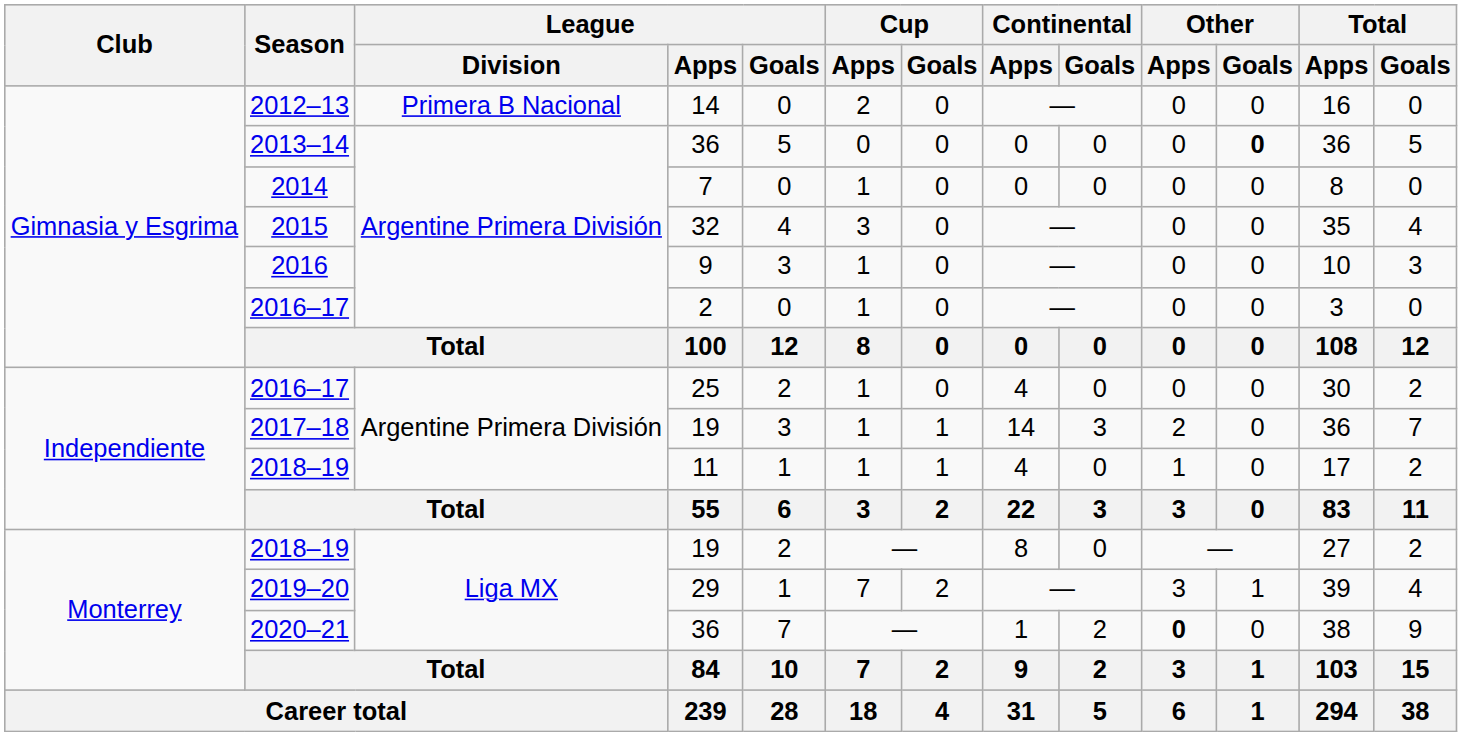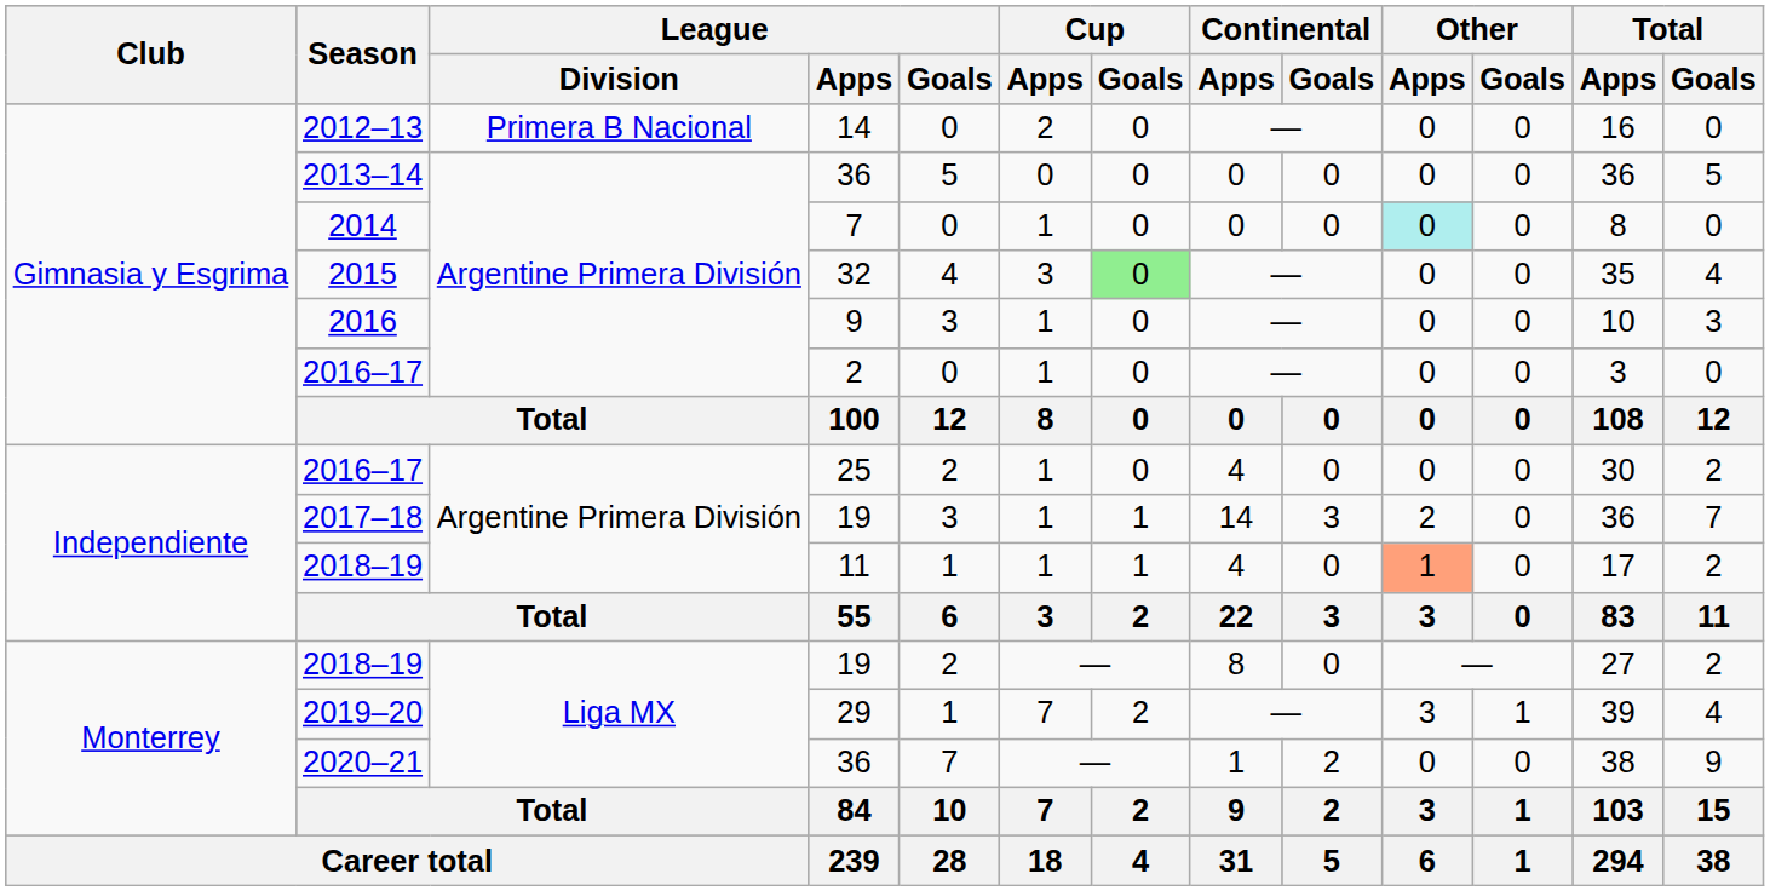 <table class="wikitable" style="text-align:center">
 <tr>
 <th rowspan="2">Club</th>
 <th rowspan="2">Season</th>
 <th colspan="3">League</th>
 <th colspan="2">Cup</th>
 <th colspan="2">Continental</th>
 <th colspan="2">Other</th>
 <th colspan="2">Total</th>
 </tr>
 <tr>
 <th>Division</th>
 <th>Apps</th>
 <th>Goals</th>
 <th>Apps</th>
 <th>Goals</th>
 <th>Apps</th>
 <th>Goals</th>
 <th>Apps</th>
 <th>Goals</th>
 <th>Apps</th>
 <th>Goals</th>
 </tr>
 <tr>
 <td rowspan="7"><a href='#'>Gimnasia y Esgrima</a></td>
 <td><a href='#'>2012–13</a></td>
 <td><a href='#'>Primera B Nacional</a></td>
 <td>14</td>
 <td>0</td>
 <td>2</td>
 <td>0</td>
 <td colspan="2">—</td>
 <td>0</td>
 <td>0</td>
 <td>16</td>
 <td>0</td>
 </tr>
 <tr>
 <td><a href='#'>2013–14</a></td>
 <td rowspan="5"><a href='#'>Argentine Primera División</a></td>
 <td>36</td>
 <td>5</td>
 <td>0</td>
 <td>0</td>
 <td>0</td>
 <td>0</td>
 <td>0</td>
-<td><strong>0</strong></td>
+<td>0</td>
 <td>36</td>
 <td>5</td>
 </tr>
 <tr>
 <td><a href='#'>2014</a></td>
 <td>7</td>
 <td>0</td>
 <td>1</td>
 <td>0</td>
 <td>0</td>
 <td>0</td>
-<td>0</td>
+<td style="background: paleturquoise;">0</td>
 <td>0</td>
 <td>8</td>
 <td>0</td>
 </tr>
 <tr>
 <td><a href='#'>2015</a></td>
 <td>32</td>
 <td>4</td>
 <td>3</td>
-<td>0</td>
+<td style="background: lightgreen;">0</td>
 <td colspan="2">—</td>
 <td>0</td>
 <td>0</td>
 <td>35</td>
 <td>4</td>
 </tr>
 <tr>
 <td><a href='#'>2016</a></td>
 <td>9</td>
 <td>3</td>
 <td>1</td>
 <td>0</td>
 <td colspan="2">—</td>
 <td>0</td>
 <td>0</td>
 <td>10</td>
 <td>3</td>
 </tr>
 <tr>
 <td><a href='#'>2016–17</a></td>
 <td>2</td>
 <td>0</td>
 <td>1</td>
 <td>0</td>
 <td colspan="2">—</td>
 <td>0</td>
 <td>0</td>
 <td>3</td>
 <td>0</td>
 </tr>
 <tr>
 <th colspan="2">Total</th>
 <th>100</th>
 <th>12</th>
 <th>8</th>
 <th>0</th>
 <th>0</th>
 <th>0</th>
 <th>0</th>
 <th>0</th>
 <th>108</th>
 <th>12</th>
 </tr>
 <tr>
 <td rowspan="4"><a href='#'>Independiente</a></td>
 <td><a href='#'>2016–17</a></td>
 <td rowspan="3">Argentine Primera División</td>
 <td>25</td>
 <td>2</td>
 <td>1</td>
 <td>0</td>
 <td>4</td>
 <td>0</td>
 <td>0</td>
 <td>0</td>
 <td>30</td>
 <td>2</td>
 </tr>
 <tr>
 <td><a href='#'>2017–18</a></td>
 <td>19</td>
 <td>3</td>
 <td>1</td>
 <td>1</td>
 <td>14</td>
 <td>3</td>
 <td>2</td>
 <td>0</td>
 <td>36</td>
 <td>7</td>
 </tr>
 <tr>
 <td><a href='#'>2018–19</a></td>
 <td>11</td>
 <td>1</td>
 <td>1</td>
 <td>1</td>
 <td>4</td>
 <td>0</td>
-<td>1</td>
+<td style="background: lightsalmon;">1</td>
 <td>0</td>
 <td>17</td>
 <td>2</td>
 </tr>
 <tr>
 <th colspan="2">Total</th>
 <th>55</th>
 <th>6</th>
 <th>3</th>
 <th>2</th>
 <th>22</th>
 <th>3</th>
 <th>3</th>
 <th>0</th>
 <th>83</th>
 <th>11</th>
 </tr>
 <tr>
 <td rowspan="4"><a href='#'>Monterrey</a></td>
 <td><a href='#'>2018–19</a></td>
 <td rowspan="3"><a href='#'>Liga MX</a></td>
 <td>19</td>
 <td>2</td>
 <td colspan="2">—</td>
 <td>8</td>
 <td>0</td>
 <td colspan="2">—</td>
 <td>27</td>
 <td>2</td>
 </tr>
 <tr>
 <td><a href='#'>2019–20</a></td>
 <td>29</td>
 <td>1</td>
 <td>7</td>
 <td>2</td>
 <td colspan="2">—</td>
 <td>3</td>
 <td>1</td>
 <td>39</td>
 <td>4</td>
 </tr>
 <tr>
 <td><a href='#'>2020–21</a></td>
 <td>36</td>
 <td>7</td>
 <td colspan="2">—</td>
 <td>1</td>
 <td>2</td>
-<td><strong>0</strong></td>
+<td>0</td>
 <td>0</td>
 <td>38</td>
 <td>9</td>
 </tr>
 <tr>
 <th colspan="2">Total</th>
 <th>84</th>
 <th>10</th>
 <th>7</th>
 <th>2</th>
 <th>9</th>
 <th>2</th>
 <th>3</th>
 <th>1</th>
 <th>103</th>
 <th>15</th>
 </tr>
 <tr>
 <th colspan="3">Career total</th>
 <th>239</th>
 <th>28</th>
 <th>18</th>
 <th>4</th>
 <th>31</th>
 <th>5</th>
 <th>6</th>
 <th>1</th>
 <th>294</th>
 <th>38</th>
 </tr>
 </table>
